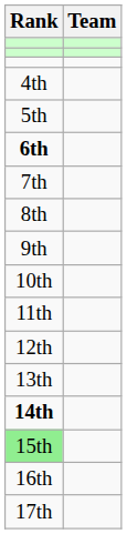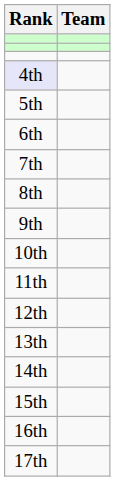 <table class=wikitable style="text-align:center;">
 <tr>
 <th>Rank</th>
 <th>Team</th>
 </tr>
 <tr bgcolor=#ccffcc>
 <td></td>
 <td align=left></td>
 </tr>
 <tr bgcolor=#ccffcc>
 <td></td>
 <td align=left></td>
 </tr>
 <tr>
 <td></td>
 <td align=left></td>
 </tr>
 <tr>
-<td>4th</td>
+<td style="background: lavender;">4th</td>
 <td align=left></td>
 </tr>
 <tr>
 <td>5th</td>
 <td align=left></td>
 </tr>
 <tr>
-<td><strong>6th</strong></td>
+<td>6th</td>
 <td align=left></td>
 </tr>
 <tr>
 <td>7th</td>
 <td align=left></td>
 </tr>
 <tr>
 <td>8th</td>
 <td align=left></td>
 </tr>
 <tr>
 <td>9th</td>
 <td align=left></td>
 </tr>
 <tr>
 <td>10th</td>
 <td align=left></td>
 </tr>
 <tr>
 <td>11th</td>
 <td align=left></td>
 </tr>
 <tr>
 <td>12th</td>
 <td align=left></td>
 </tr>
 <tr>
 <td>13th</td>
 <td align=left></td>
 </tr>
 <tr>
-<td><strong>14th</strong></td>
+<td>14th</td>
 <td align=left></td>
 </tr>
 <tr>
-<td style="background: lightgreen;">15th</td>
+<td>15th</td>
 <td align=left></td>
 </tr>
 <tr>
 <td>16th</td>
 <td align=left></td>
 </tr>
 <tr>
 <td>17th</td>
 <td align=left></td>
 </tr>
 </table>
